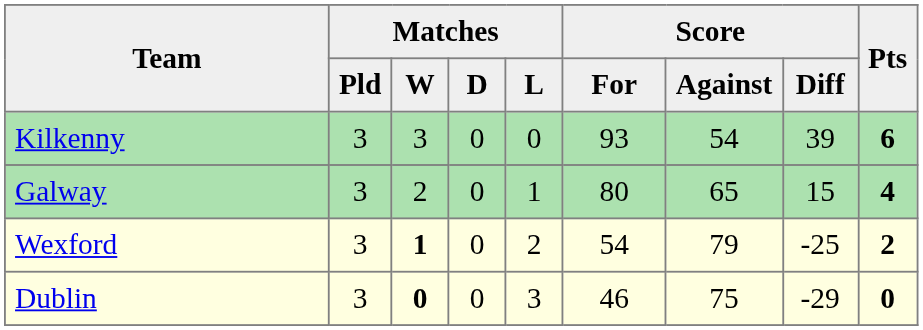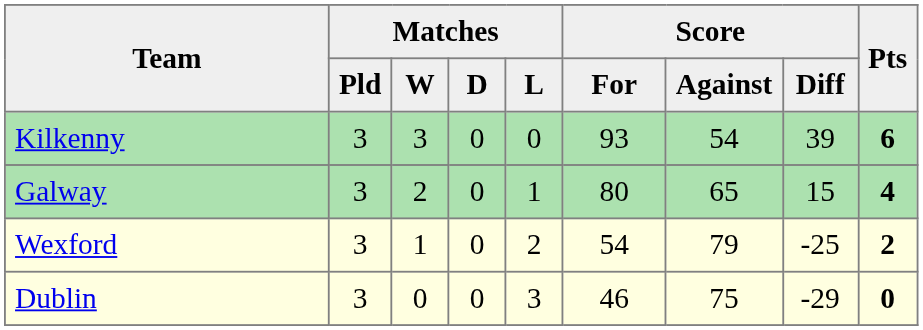 <table style=border-collapse:collapse border=1 cellspacing=0 cellpadding=5>
 <tr align=center bgcolor=#efefef>
 <th rowspan=2 width=165>Team</th>
 <th colspan=4>Matches</th>
 <th colspan=3>Score</th>
 <th rowspan=2width=20>Pts</th>
 </tr>
 <tr align=center bgcolor=#efefef>
 <th width=20>Pld</th>
 <th width=20>W</th>
 <th width=20>D</th>
 <th width=20>L</th>
 <th width=45>For</th>
 <th width=45>Against</th>
 <th width=30>Diff</th>
 </tr>
 <tr align=center style="background:#ACE1AF;">
 <td style="text-align:left;"> <a href='#'>Kilkenny</a></td>
 <td>3</td>
 <td>3</td>
 <td>0</td>
 <td>0</td>
 <td>93</td>
 <td>54</td>
 <td>39</td>
 <td><strong>6</strong></td>
 </tr>
 <tr align=center style="background:#ACE1AF;">
 <td style="text-align:left;"> <a href='#'>Galway</a></td>
 <td>3</td>
 <td>2</td>
 <td>0</td>
 <td>1</td>
 <td>80</td>
 <td>65</td>
 <td>15</td>
 <td><strong>4</strong></td>
 </tr>
 <tr align=center style="background:#FFFFE0;">
 <td style="text-align:left;"> <a href='#'>Wexford</a></td>
 <td>3</td>
-<td><strong>1</strong></td>
+<td>1</td>
 <td>0</td>
 <td>2</td>
 <td>54</td>
 <td>79</td>
 <td>-25</td>
 <td><strong>2</strong></td>
 </tr>
 <tr align=center style="background:#FFFFE0;">
 <td style="text-align:left;"> <a href='#'>Dublin</a></td>
 <td>3</td>
-<td><strong>0</strong></td>
+<td>0</td>
 <td>0</td>
 <td>3</td>
 <td>46</td>
 <td>75</td>
 <td>-29</td>
 <td><strong>0</strong></td>
 </tr>
 </table>
